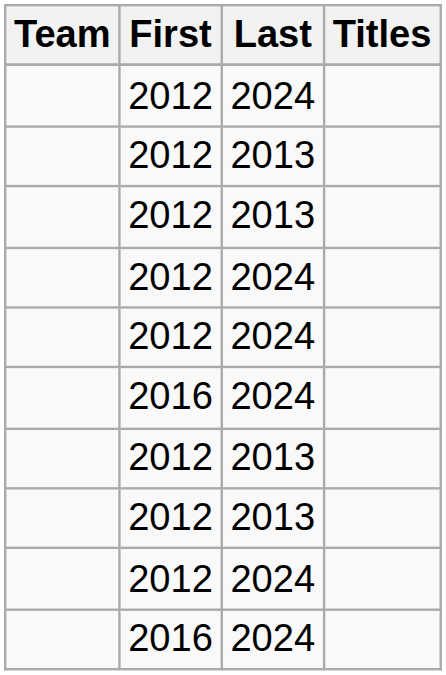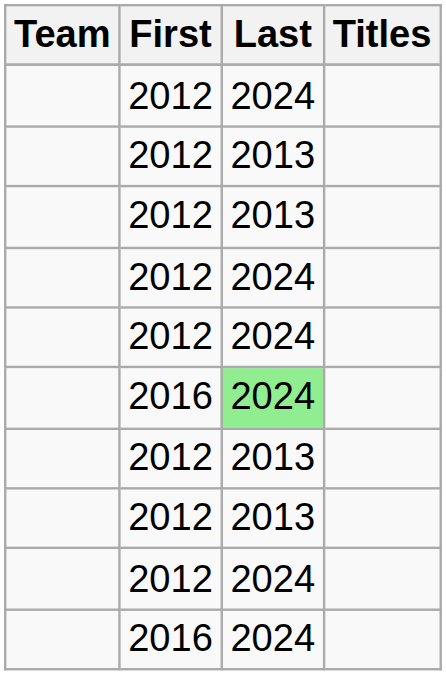 <table class="wikitable sortable plainrowheaders" style="text-align:center;">
 <tr>
 <th scope="col">Team</th>
 <th scope="col">First</th>
 <th scope="col">Last</th>
 <th scope="col">Titles</th>
 </tr>
 <tr bgcolor="#efefef">
 </tr>
 <tr align="left">
 <td></td>
 <td>2012</td>
 <td>2024</td>
 <td></td>
 </tr>
 <tr align="left">
 <td></td>
 <td>2012</td>
 <td>2013</td>
 <td></td>
 </tr>
 <tr align="left">
 <td></td>
 <td>2012</td>
 <td>2013</td>
 <td></td>
 </tr>
 <tr align="left">
 <td></td>
 <td>2012</td>
 <td>2024</td>
 <td></td>
 </tr>
 <tr align="left">
 <td></td>
 <td>2012</td>
 <td>2024</td>
 <td></td>
 </tr>
 <tr align="left">
 <td></td>
 <td>2016</td>
-<td>2024</td>
+<td style="background: lightgreen;">2024</td>
 <td></td>
 </tr>
 <tr align="left">
 <td></td>
 <td>2012</td>
 <td>2013</td>
 <td></td>
 </tr>
 <tr align="left">
 <td></td>
 <td>2012</td>
 <td>2013</td>
 <td></td>
 </tr>
 <tr align="left">
 <td></td>
 <td>2012</td>
 <td>2024</td>
 <td></td>
 </tr>
 <tr align="left">
 <td></td>
 <td>2016</td>
 <td>2024</td>
 <td></td>
 </tr>
 </table>
